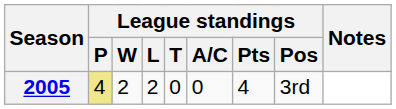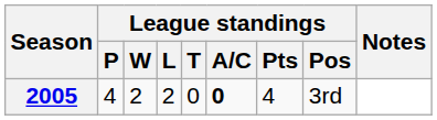 <table class="wikitable sortable">
 <tr>
 <th scope="col" rowspan="2">Season</th>
 <th scope="col" colspan="7">League standings</th>
 <th scope="col" rowspan="2">Notes</th>
 </tr>
 <tr>
 <th scope="col">P</th>
 <th scope="col">W</th>
 <th scope="col">L</th>
 <th scope="col">T</th>
 <th scope="col">A/C</th>
 <th scope="col">Pts</th>
 <th scope="col">Pos</th>
 </tr>
 <tr>
 <th scope="row"><a href='#'>2005</a></th>
-<td style="background: khaki;">4</td>
+<td>4</td>
 <td>2</td>
 <td>2</td>
 <td>0</td>
-<td>0</td>
+<td><strong>0</strong></td>
 <td>4</td>
 <td>3rd</td>
 <td style="background: white;"></td>
 </tr>
 </table>
